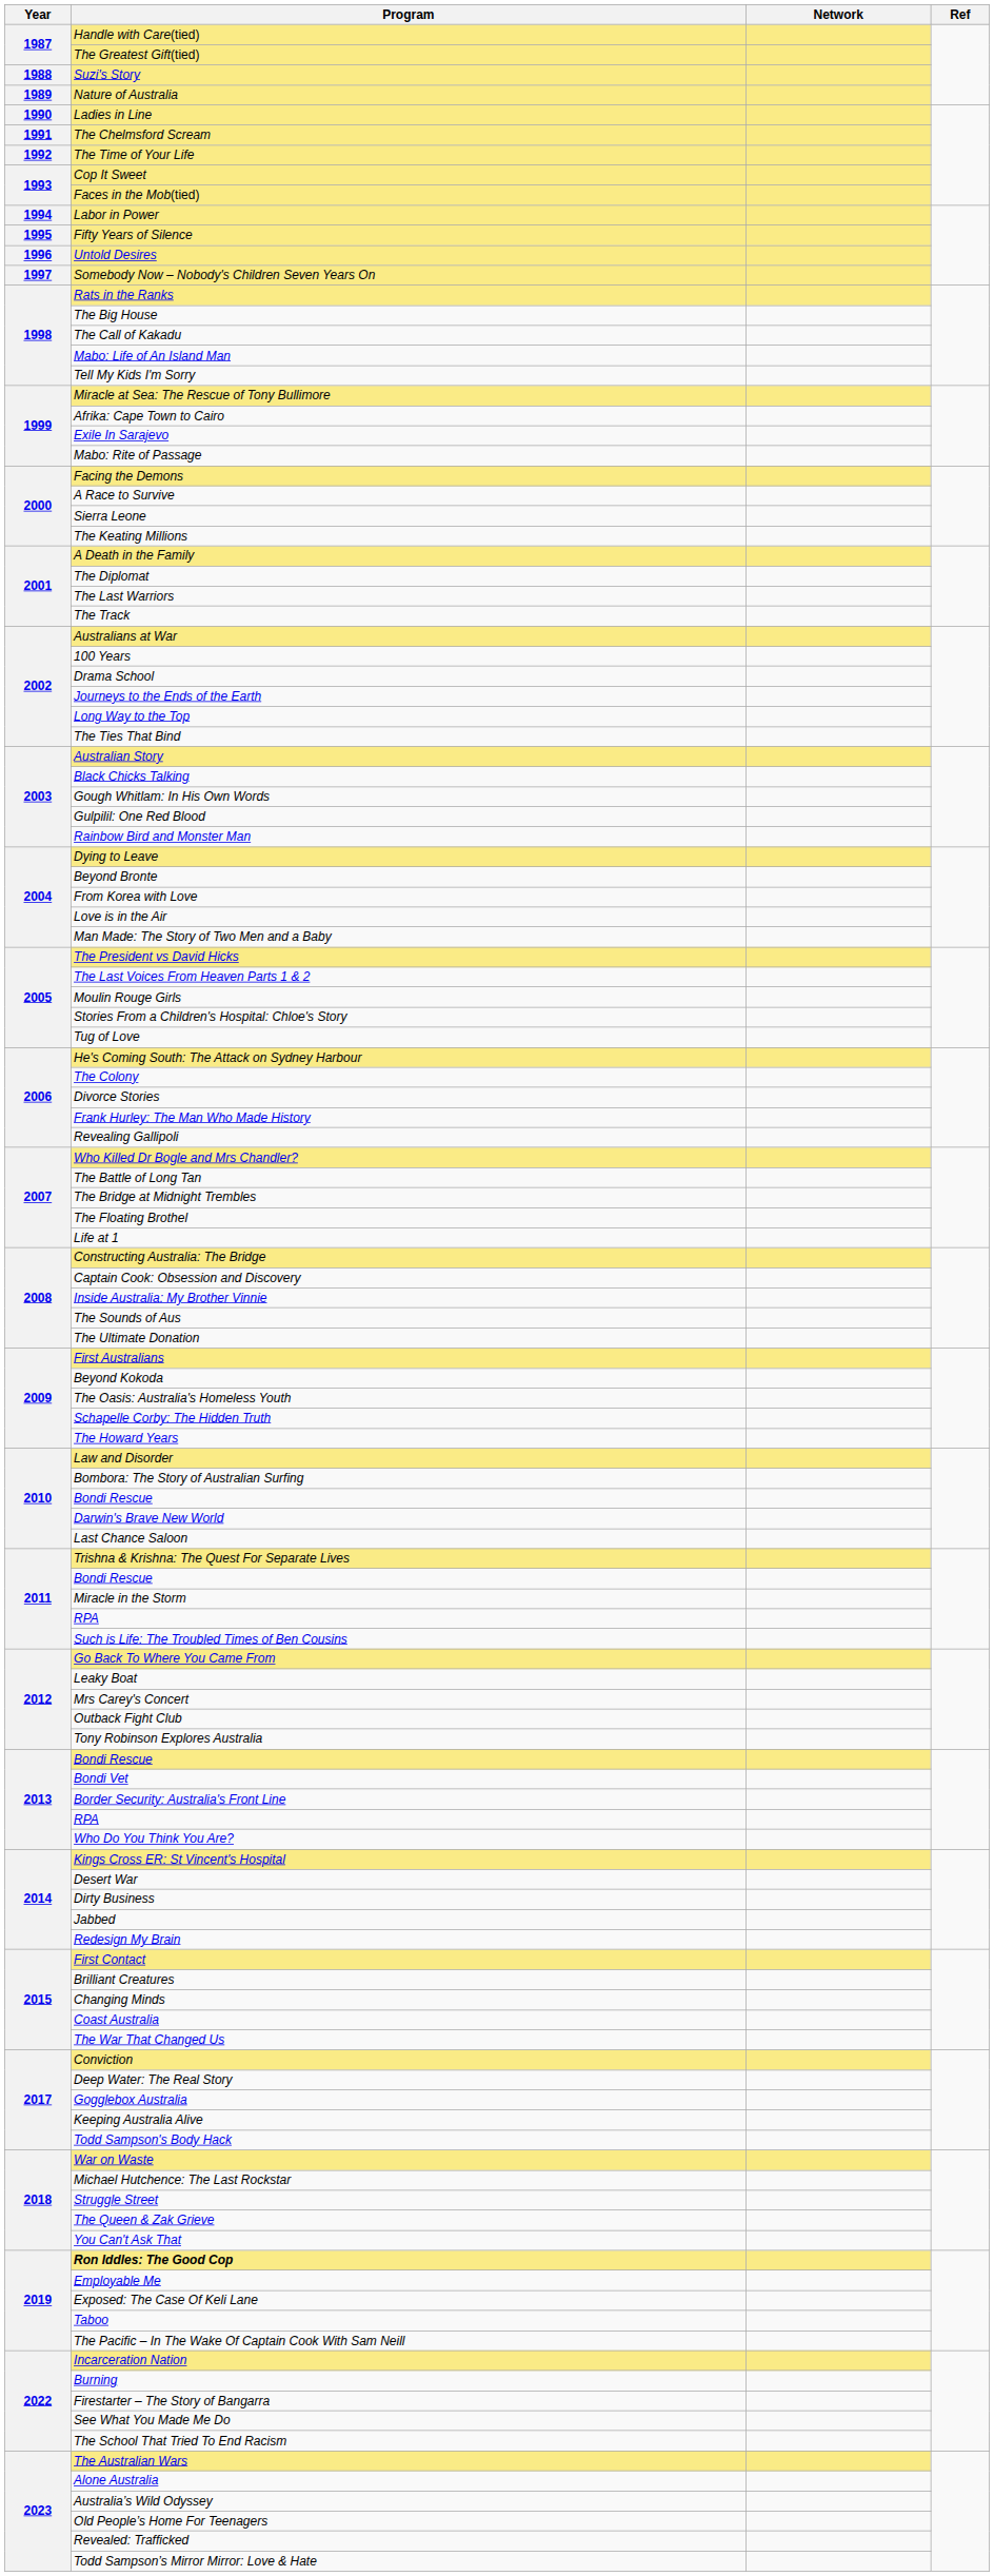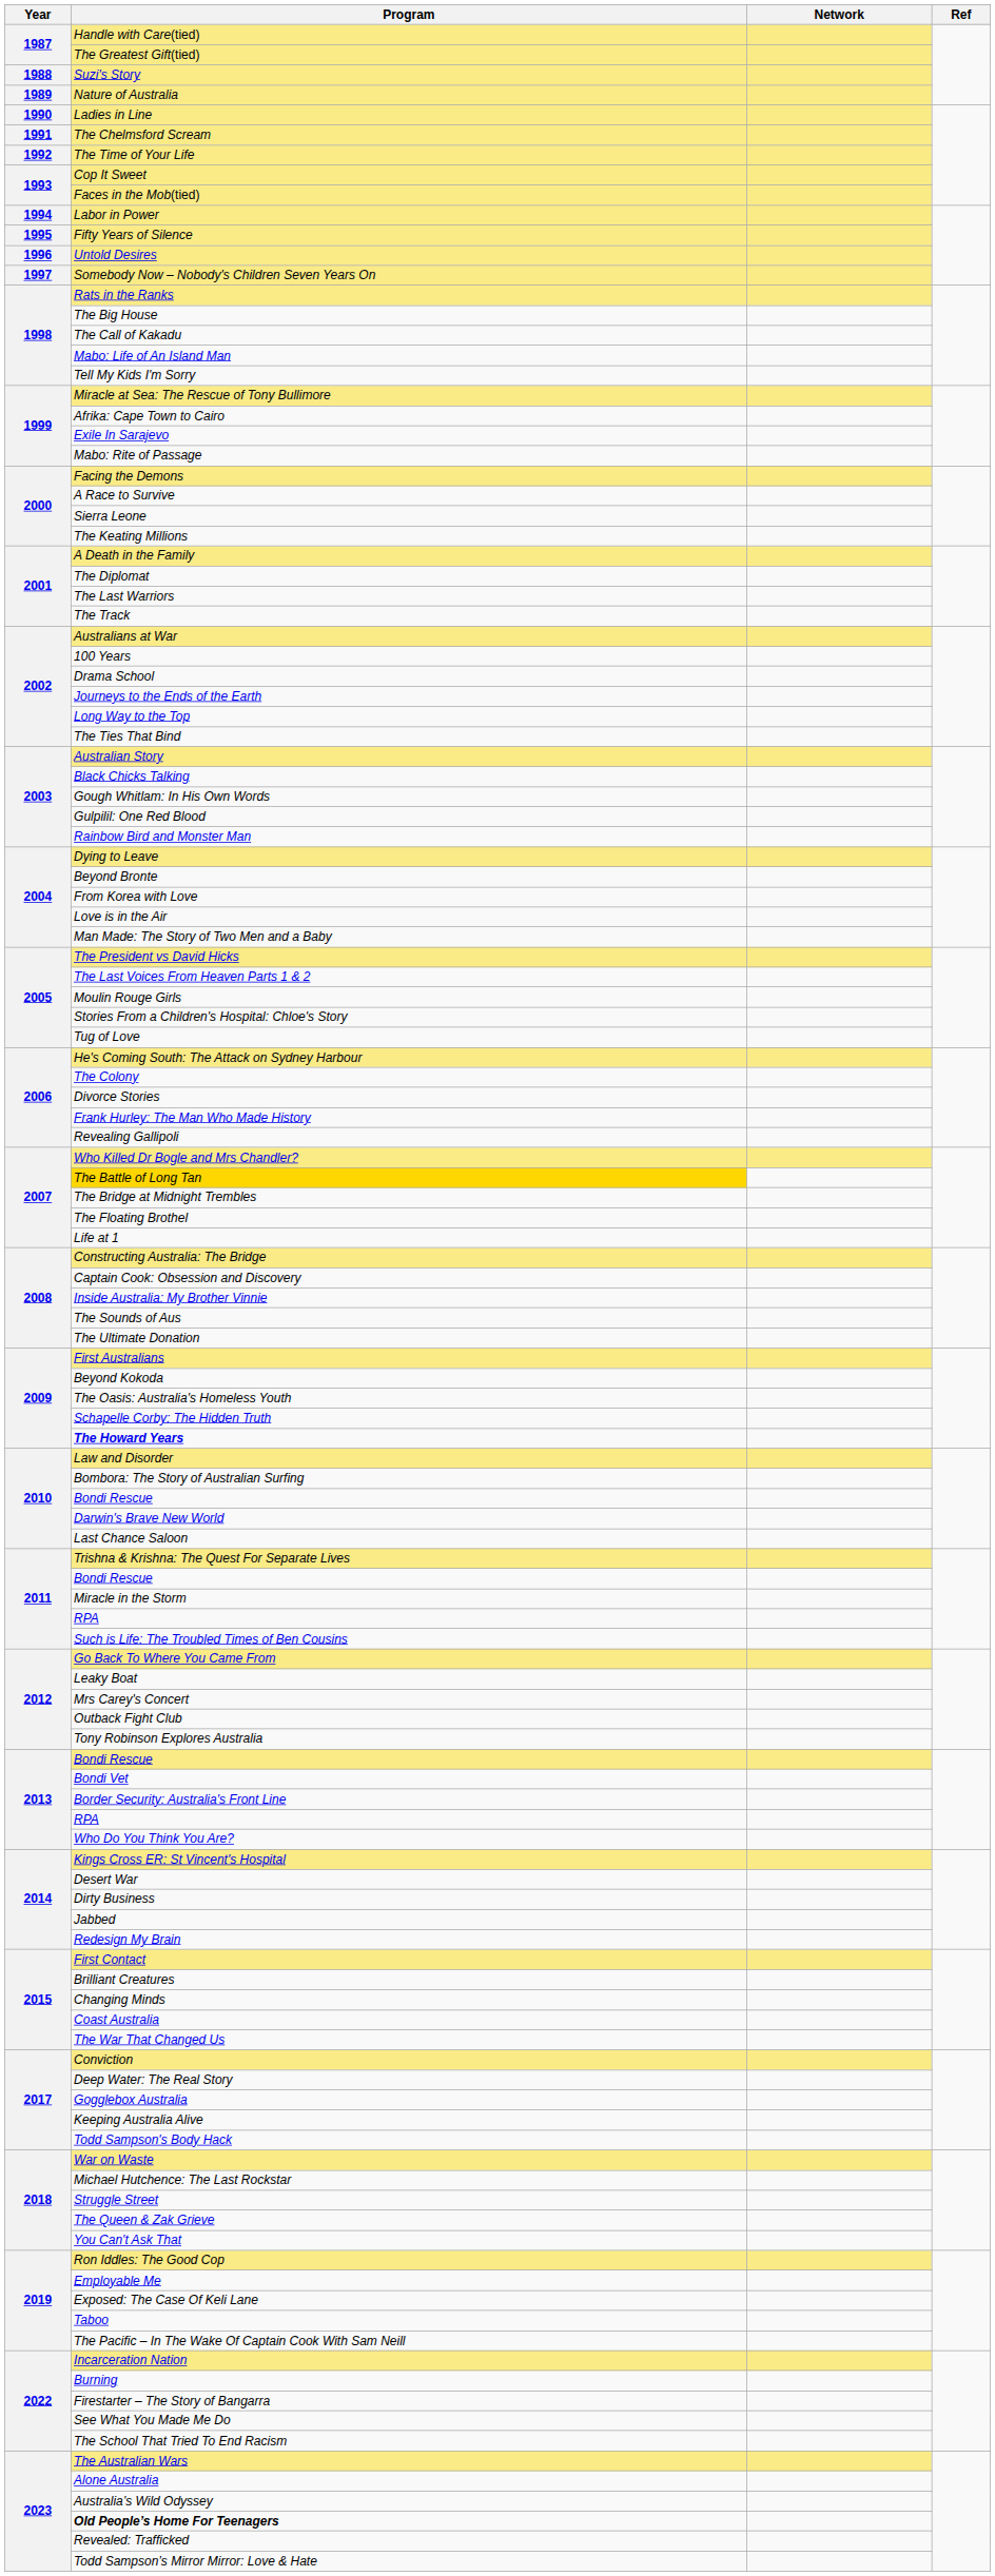 <table class="wikitable sortable">
 <tr style="background:#bebebe;">
 <th scope="col" style="width:1%;">Year</th>
 <th scope="col" style="width:16%;">Program</th>
 <th scope="col" style="width:4%;">Network</th>
 <th scope="col" style="width:1%;" class="unsortable">Ref</th>
 </tr>
 <tr>
 <th scope="row" rowspan="2" style="text-align:center"><a href='#'>1987</a></th>
 <td style="background:#FAEB86"><em>Handle with Care</em>(tied)</td>
 <td style="background:#FAEB86"></td>
 <td rowspan="4"></td>
 </tr>
 <tr>
 <td style="background:#FAEB86"><em>The Greatest Gift</em>(tied)</td>
 <td style="background:#FAEB86"></td>
 </tr>
 <tr>
 <th scope="row" style="text-align:center"><a href='#'>1988</a></th>
 <td style="background:#FAEB86"><em><a href='#'>Suzi's Story</a></em></td>
 <td style="background:#FAEB86"></td>
 </tr>
 <tr>
 <th scope="row" style="text-align:center"><a href='#'>1989</a></th>
 <td style="background:#FAEB86"><em>Nature of Australia</em></td>
 <td style="background:#FAEB86"></td>
 </tr>
 <tr>
 <th scope="row" style="text-align:center"><a href='#'>1990</a></th>
 <td style="background:#FAEB86"><em>Ladies in Line</em> </td>
 <td style="background:#FAEB86"></td>
 <td rowspan="5"></td>
 </tr>
 <tr>
 <th scope="row" style="text-align:center"><a href='#'>1991</a></th>
 <td style="background:#FAEB86"><em>The Chelmsford Scream</em></td>
 <td style="background:#FAEB86"></td>
 </tr>
 <tr>
 <th scope="row" style="text-align:center"><a href='#'>1992</a></th>
 <td style="background:#FAEB86"><em>The Time of Your Life</em></td>
 <td style="background:#FAEB86"></td>
 </tr>
 <tr>
 <th scope="row" rowspan="2" style="text-align:center"><a href='#'>1993</a></th>
 <td style="background:#FAEB86"><em>Cop It Sweet</em></td>
 <td style="background:#FAEB86"></td>
 </tr>
 <tr>
 <td style="background:#FAEB86"><em>Faces in the Mob</em>(tied)</td>
 <td style="background:#FAEB86"></td>
 </tr>
 <tr>
 <th scope="row" style="text-align:center"><a href='#'>1994</a></th>
 <td style="background:#FAEB86"><em>Labor in Power</em></td>
 <td style="background:#FAEB86"></td>
 <td rowspan="4"></td>
 </tr>
 <tr>
 <th scope="row" style="text-align:center"><a href='#'>1995</a></th>
 <td style="background:#FAEB86"><em>Fifty Years of Silence</em></td>
 <td style="background:#FAEB86"></td>
 </tr>
 <tr>
 <th scope="row" style="text-align:center"><a href='#'>1996</a></th>
 <td style="background:#FAEB86"><em><a href='#'>Untold Desires</a></em></td>
 <td style="background:#FAEB86"></td>
 </tr>
 <tr>
 <th scope="row" style="text-align:center"><a href='#'>1997</a></th>
 <td style="background:#FAEB86"><em>Somebody Now – Nobody's Children Seven Years On</em></td>
 <td style="background:#FAEB86"></td>
 </tr>
 <tr>
 <th scope="row" rowspan="5" style="text-align:center"><a href='#'>1998</a></th>
 <td style="background:#FAEB86"><em><a href='#'>Rats in the Ranks</a></em></td>
 <td style="background:#FAEB86"></td>
 <td rowspan="5"></td>
 </tr>
 <tr>
 <td><em>The Big House</em></td>
 <td></td>
 </tr>
 <tr>
 <td><em>The Call of Kakadu</em></td>
 <td></td>
 </tr>
 <tr>
 <td><em><a href='#'>Mabo: Life of An Island Man</a></em></td>
 <td></td>
 </tr>
 <tr>
 <td><em>Tell My Kids I'm Sorry</em></td>
 <td></td>
 </tr>
 <tr>
 <th scope="row" rowspan="4" style="text-align:center"><a href='#'>1999</a></th>
 <td style="background:#FAEB86"><em>Miracle at Sea: The Rescue of Tony Bullimore</em></td>
 <td style="background:#FAEB86"></td>
 <td rowspan="4"></td>
 </tr>
 <tr>
 <td><em>Afrika: Cape Town to Cairo</em></td>
 <td></td>
 </tr>
 <tr>
 <td><em><a href='#'>Exile In Sarajevo</a></em></td>
 <td></td>
 </tr>
 <tr>
 <td><em>Mabo: Rite of Passage</em></td>
 <td></td>
 </tr>
 <tr>
 <th scope="row" rowspan="4" style="text-align:center"><a href='#'>2000</a></th>
 <td style="background:#FAEB86"><em>Facing the Demons</em></td>
 <td style="background:#FAEB86"></td>
 <td rowspan="4"></td>
 </tr>
 <tr>
 <td><em>A Race to Survive</em></td>
 <td></td>
 </tr>
 <tr>
 <td><em>Sierra Leone</em></td>
 <td></td>
 </tr>
 <tr>
 <td><em>The Keating Millions</em></td>
 <td></td>
 </tr>
 <tr>
 <th scope="row" rowspan="4" style="text-align:center"><a href='#'>2001</a></th>
 <td style="background:#FAEB86"><em>A Death in the Family</em></td>
 <td style="background:#FAEB86"></td>
 <td rowspan="4"></td>
 </tr>
 <tr>
 <td><em>The Diplomat</em></td>
 <td></td>
 </tr>
 <tr>
 <td><em>The Last Warriors</em></td>
 <td></td>
 </tr>
 <tr>
 <td><em>The Track</em></td>
 <td></td>
 </tr>
 <tr>
 <th scope="row" rowspan="6" style="text-align:center"><a href='#'>2002</a></th>
 <td style="background:#FAEB86"><em>Australians at War</em></td>
 <td style="background:#FAEB86"></td>
 <td rowspan="6"></td>
 </tr>
 <tr>
 <td><em>100 Years</em></td>
 <td></td>
 </tr>
 <tr>
 <td><em>Drama School</em></td>
 <td></td>
 </tr>
 <tr>
 <td><em><a href='#'>Journeys to the Ends of the Earth</a></em></td>
 <td></td>
 </tr>
 <tr>
 <td><em><a href='#'>Long Way to the Top</a></em></td>
 <td></td>
 </tr>
 <tr>
 <td><em>The Ties That Bind</em></td>
 <td></td>
 </tr>
 <tr>
 <th scope="row" rowspan="5" style="text-align:center"><a href='#'>2003</a></th>
 <td style="background:#FAEB86"><em><a href='#'>Australian Story</a></em></td>
 <td style="background:#FAEB86"></td>
 <td rowspan="5"></td>
 </tr>
 <tr>
 <td><em><a href='#'>Black Chicks Talking</a></em></td>
 <td></td>
 </tr>
 <tr>
 <td><em>Gough Whitlam: In His Own Words</em></td>
 <td></td>
 </tr>
 <tr>
 <td><em>Gulpilil: One Red Blood</em></td>
 <td></td>
 </tr>
 <tr>
 <td><em><a href='#'>Rainbow Bird and Monster Man</a></em></td>
 <td></td>
 </tr>
 <tr>
 <th scope="row" rowspan="5" style="text-align:center"><a href='#'>2004</a></th>
 <td style="background:#FAEB86"><em>Dying to Leave</em></td>
 <td style="background:#FAEB86"></td>
 <td rowspan="5"></td>
 </tr>
 <tr>
 <td><em>Beyond Bronte</em></td>
 <td></td>
 </tr>
 <tr>
 <td><em>From Korea with Love</em></td>
 <td></td>
 </tr>
 <tr>
 <td><em>Love is in the Air</em></td>
 <td></td>
 </tr>
 <tr>
 <td><em>Man Made: The Story of Two Men and a Baby</em></td>
 <td></td>
 </tr>
 <tr>
 <th scope="row" rowspan="5" style="text-align:center"><a href='#'>2005</a></th>
 <td style="background:#FAEB86"><em><a href='#'>The President vs David Hicks</a></em></td>
 <td style="background:#FAEB86"></td>
 <td rowspan="5"></td>
 </tr>
 <tr>
 <td><em><a href='#'>The Last Voices From Heaven Parts 1 & 2</a></em></td>
 <td></td>
 </tr>
 <tr>
 <td><em>Moulin Rouge Girls</em></td>
 <td></td>
 </tr>
 <tr>
 <td><em>Stories From a Children's Hospital: Chloe's Story</em></td>
 <td></td>
 </tr>
 <tr>
 <td><em>Tug of Love</em></td>
 <td></td>
 </tr>
 <tr>
 <th scope="row" rowspan="5" style="text-align:center"><a href='#'>2006</a></th>
 <td style="background:#FAEB86"><em>He's Coming South: The Attack on Sydney Harbour</em></td>
 <td style="background:#FAEB86"></td>
 <td rowspan="5"></td>
 </tr>
 <tr>
 <td><em><a href='#'>The Colony</a></em></td>
 <td></td>
 </tr>
 <tr>
 <td><em>Divorce Stories</em></td>
 <td></td>
 </tr>
 <tr>
 <td><em><a href='#'>Frank Hurley: The Man Who Made History</a></em></td>
 <td></td>
 </tr>
 <tr>
 <td><em>Revealing Gallipoli</em></td>
 <td></td>
 </tr>
 <tr>
 <th scope="row" rowspan="5" style="text-align:center"><a href='#'>2007</a></th>
 <td style="background:#FAEB86"><em><a href='#'>Who Killed Dr Bogle and Mrs Chandler?</a></em></td>
 <td style="background:#FAEB86"></td>
 <td rowspan="5"></td>
 </tr>
 <tr>
-<td><em>The Battle of Long Tan</em></td>
+<td style="background: gold;"><em>The Battle of Long Tan</em></td>
 <td></td>
 </tr>
 <tr>
 <td><em>The Bridge at Midnight Trembles</em></td>
 <td></td>
 </tr>
 <tr>
 <td><em>The Floating Brothel</em></td>
 <td></td>
 </tr>
 <tr>
 <td><em>Life at 1</em></td>
 <td></td>
 </tr>
 <tr>
 <th scope="row" rowspan="5" style="text-align:center"><a href='#'>2008</a></th>
 <td style="background:#FAEB86"><em>Constructing Australia: The Bridge</em></td>
 <td style="background:#FAEB86"></td>
 <td rowspan="5"></td>
 </tr>
 <tr>
 <td><em>Captain Cook: Obsession and Discovery</em></td>
 <td></td>
 </tr>
 <tr>
 <td><em><a href='#'>Inside Australia: My Brother Vinnie</a></em></td>
 <td></td>
 </tr>
 <tr>
 <td><em>The Sounds of Aus</em></td>
 <td></td>
 </tr>
 <tr>
 <td><em>The Ultimate Donation</em></td>
 <td></td>
 </tr>
 <tr>
 <th scope="row" rowspan="5" style="text-align:center"><a href='#'>2009</a></th>
 <td style="background:#FAEB86"><em><a href='#'>First Australians</a></em></td>
 <td style="background:#FAEB86"></td>
 <td rowspan="5"></td>
 </tr>
 <tr>
 <td><em>Beyond Kokoda</em></td>
 <td></td>
 </tr>
 <tr>
 <td><em>The Oasis: Australia's Homeless Youth</em></td>
 <td></td>
 </tr>
 <tr>
 <td><em><a href='#'>Schapelle Corby: The Hidden Truth</a></em></td>
 <td></td>
 </tr>
 <tr>
-<td><em><a href='#'>The Howard Years</a></em></td>
+<td><strong><em><a href='#'>The Howard Years</a></em></strong></td>
 <td></td>
 </tr>
 <tr>
 <th scope="row" rowspan="5" style="text-align:center"><a href='#'>2010</a></th>
 <td style="background:#FAEB86"><em>Law and Disorder</em></td>
 <td style="background:#FAEB86"></td>
 <td rowspan="5"></td>
 </tr>
 <tr>
 <td><em>Bombora: The Story of Australian Surfing</em></td>
 <td></td>
 </tr>
 <tr>
 <td><em><a href='#'>Bondi Rescue</a></em></td>
 <td></td>
 </tr>
 <tr>
 <td><em><a href='#'>Darwin's Brave New World</a></em></td>
 <td></td>
 </tr>
 <tr>
 <td><em>Last Chance Saloon</em></td>
 <td></td>
 </tr>
 <tr>
 <th scope="row" rowspan="5" style="text-align:center"><a href='#'>2011</a></th>
 <td style="background:#FAEB86"><em>Trishna & Krishna: The Quest For Separate Lives</em></td>
 <td style="background:#FAEB86"></td>
 <td rowspan="5"></td>
 </tr>
 <tr>
 <td><em><a href='#'>Bondi Rescue</a></em></td>
 <td></td>
 </tr>
 <tr>
 <td><em>Miracle in the Storm</em></td>
 <td></td>
 </tr>
 <tr>
 <td><em><a href='#'>RPA</a></em></td>
 <td></td>
 </tr>
 <tr>
 <td><em><a href='#'>Such is Life: The Troubled Times of Ben Cousins</a></em></td>
 <td></td>
 </tr>
 <tr>
 <th scope="row" rowspan="5" style="text-align:center"><a href='#'>2012</a></th>
 <td style="background:#FAEB86"><em><a href='#'>Go Back To Where You Came From</a></em></td>
 <td style="background:#FAEB86"></td>
 <td rowspan="5"></td>
 </tr>
 <tr>
 <td><em>Leaky Boat</em></td>
 <td></td>
 </tr>
 <tr>
 <td><em>Mrs Carey's Concert</em></td>
 <td></td>
 </tr>
 <tr>
 <td><em>Outback Fight Club</em></td>
 <td></td>
 </tr>
 <tr>
 <td><em>Tony Robinson Explores Australia</em></td>
 <td></td>
 </tr>
 <tr>
 <th scope="row" rowspan="5" style="text-align:center"><a href='#'>2013</a></th>
 <td style="background:#FAEB86"><em><a href='#'>Bondi Rescue</a></em></td>
 <td style="background:#FAEB86"></td>
 <td rowspan="5"></td>
 </tr>
 <tr>
 <td><em><a href='#'>Bondi Vet</a></em></td>
 <td></td>
 </tr>
 <tr>
 <td><em><a href='#'>Border Security: Australia's Front Line</a></em></td>
 <td></td>
 </tr>
 <tr>
 <td><em><a href='#'>RPA</a></em></td>
 <td></td>
 </tr>
 <tr>
 <td><em><a href='#'>Who Do You Think You Are?</a></em></td>
 <td></td>
 </tr>
 <tr>
 <th scope="row" rowspan="5" style="text-align:center"><a href='#'>2014</a></th>
 <td style="background:#FAEB86"><em><a href='#'>Kings Cross ER: St Vincent's Hospital</a></em></td>
 <td style="background:#FAEB86"></td>
 <td rowspan="5"></td>
 </tr>
 <tr>
 <td><em>Desert War</em></td>
 <td></td>
 </tr>
 <tr>
 <td><em>Dirty Business</em></td>
 <td></td>
 </tr>
 <tr>
 <td><em>Jabbed</em></td>
 <td></td>
 </tr>
 <tr>
 <td><em><a href='#'>Redesign My Brain</a></em></td>
 <td></td>
 </tr>
 <tr>
 <th scope="row" rowspan="5" style="text-align:center"><a href='#'>2015</a></th>
 <td style="background:#FAEB86"><em><a href='#'>First Contact</a></em></td>
 <td style="background:#FAEB86"></td>
 <td rowspan="5"></td>
 </tr>
 <tr>
 <td><em>Brilliant Creatures</em></td>
 <td></td>
 </tr>
 <tr>
 <td><em>Changing Minds</em></td>
 <td></td>
 </tr>
 <tr>
 <td><em><a href='#'>Coast Australia</a></em></td>
 <td></td>
 </tr>
 <tr>
 <td><em><a href='#'>The War That Changed Us</a></em></td>
 <td></td>
 </tr>
 <tr>
 <th scope="row" rowspan="5" style="text-align:center"><a href='#'>2017</a></th>
 <td style="background:#FAEB86"><em>Conviction</em></td>
 <td style="background:#FAEB86"></td>
 <td rowspan="5"></td>
 </tr>
 <tr>
 <td><em>Deep Water: The Real Story</em></td>
 <td></td>
 </tr>
 <tr>
 <td><em><a href='#'>Gogglebox Australia</a></em></td>
 <td></td>
 </tr>
 <tr>
 <td><em>Keeping Australia Alive </em></td>
 <td></td>
 </tr>
 <tr>
 <td><em><a href='#'>Todd Sampson's Body Hack</a></em></td>
 <td></td>
 </tr>
 <tr>
 <th scope="row" rowspan="5" style="text-align:center"><a href='#'>2018</a></th>
 <td style="background:#FAEB86"><em><a href='#'>War on Waste</a></em></td>
 <td style="background:#FAEB86"></td>
 <td rowspan="5"></td>
 </tr>
 <tr>
 <td><em>Michael Hutchence: The Last Rockstar</em></td>
 <td></td>
 </tr>
 <tr>
 <td><em><a href='#'>Struggle Street</a></em></td>
 <td></td>
 </tr>
 <tr>
 <td><em><a href='#'>The Queen & Zak Grieve</a></em></td>
 <td></td>
 </tr>
 <tr>
 <td><em><a href='#'>You Can't Ask That</a></em></td>
 <td></td>
 </tr>
 <tr>
 <th scope="row" rowspan="5" style="text-align:center"><a href='#'>2019</a></th>
-<td style="background:#FAEB86"><strong><em>Ron Iddles: The Good Cop</em></strong></td>
+<td style="background:#FAEB86"><em>Ron Iddles: The Good Cop</em></td>
 <td style="background:#FAEB86"></td>
 <td rowspan="5"></td>
 </tr>
 <tr>
 <td><em><a href='#'>Employable Me</a></em></td>
 <td></td>
 </tr>
 <tr>
 <td><em>Exposed: The Case Of Keli Lane</em></td>
 <td></td>
 </tr>
 <tr>
 <td><em><a href='#'>Taboo</a></em></td>
 <td></td>
 </tr>
 <tr>
 <td><em>The Pacific – In The Wake Of Captain Cook With Sam Neill</em></td>
 <td></td>
 </tr>
 <tr>
 <th scope="row" rowspan="5" style="text-align:center"><a href='#'>2022</a></th>
 <td style="background:#FAEB86"><em><a href='#'>Incarceration Nation</a></em></td>
 <td style="background:#FAEB86"></td>
 <td rowspan="5"></td>
 </tr>
 <tr>
 <td><em><a href='#'>Burning</a></em></td>
 <td></td>
 </tr>
 <tr>
 <td><em>Firestarter – The Story of Bangarra</em></td>
 <td></td>
 </tr>
 <tr>
 <td><em>See What You Made Me Do</em></td>
 <td></td>
 </tr>
 <tr>
 <td><em>The School That Tried To End Racism</em></td>
 <td></td>
 </tr>
 <tr>
 <th rowspan="6"><a href='#'>2023</a></th>
 <td style="background:#FAEB86"><em><a href='#'>The Australian Wars</a></em></td>
 <td style="background:#FAEB86"></td>
 </tr>
 <tr>
 <td><em><a href='#'>Alone Australia</a></em></td>
 <td></td>
 </tr>
 <tr>
 <td><em>Australia’s Wild Odyssey</em></td>
 <td></td>
 </tr>
 <tr>
-<td><em>Old People’s Home For Teenagers</em></td>
+<td><strong><em>Old People’s Home For Teenagers</em></strong></td>
 <td></td>
 </tr>
 <tr>
 <td><em>Revealed: Trafficked</em></td>
 <td></td>
 </tr>
 <tr>
 <td><em>Todd Sampson’s Mirror Mirror: Love & Hate</em></td>
 <td></td>
 </tr>
 </table>
